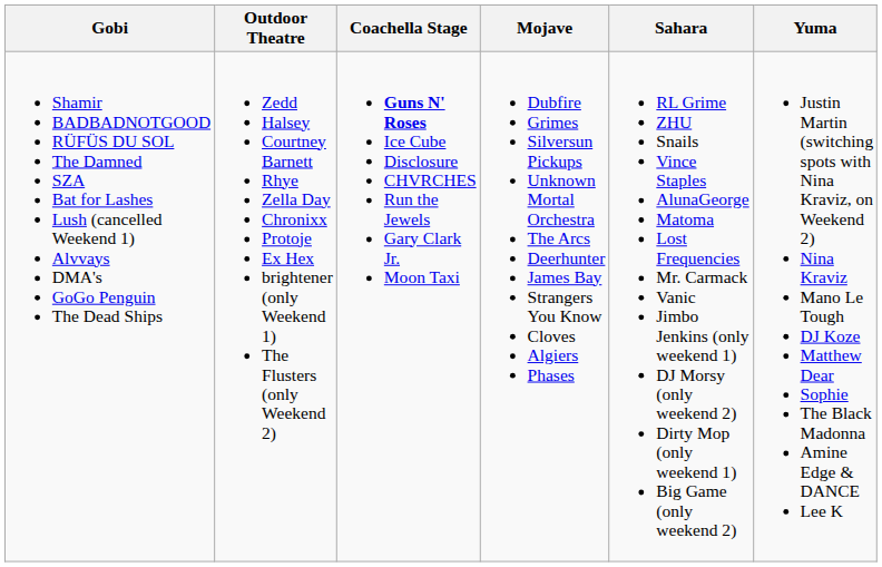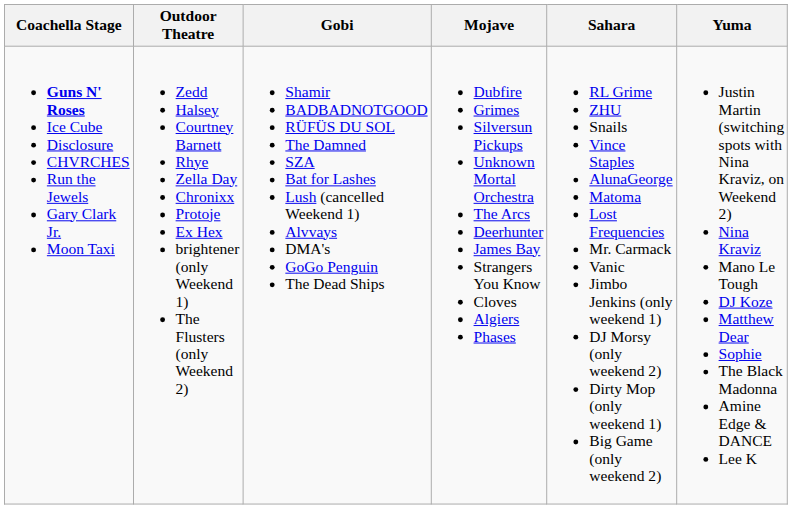 <table class="wikitable">
 <tr>
+<th>Coachella Stage</th>
+<th>Outdoor Theatre</th>
 <th>Gobi</th>
-<th>Outdoor Theatre</th>
-<th>Coachella Stage</th>
 <th>Mojave</th>
 <th>Sahara</th>
 <th>Yuma</th>
 </tr>
 <tr valign="top">
+<td><br><ul><li><strong><a href='#'>Guns N' Roses</a></strong></li><li><a href='#'>Ice Cube</a></li><li><a href='#'>Disclosure</a></li><li><a href='#'>CHVRCHES</a></li><li><a href='#'>Run the Jewels</a></li><li><a href='#'>Gary Clark Jr.</a></li><li><a href='#'>Moon Taxi</a></li></ul></td>
+<td><br><ul><li><a href='#'>Zedd</a></li><li><a href='#'>Halsey</a></li><li><a href='#'>Courtney Barnett</a></li><li><a href='#'>Rhye</a></li><li><a href='#'>Zella Day</a></li><li><a href='#'>Chronixx</a></li><li><a href='#'>Protoje</a></li><li><a href='#'>Ex Hex</a></li><li>brightener (only Weekend 1)</li><li>The Flusters (only Weekend 2)</li></ul></td>
 <td><br><ul><li><a href='#'>Shamir</a></li><li><a href='#'>BADBADNOTGOOD</a></li><li><a href='#'>RÜFÜS DU SOL</a></li><li><a href='#'>The Damned</a></li><li><a href='#'>SZA</a></li><li><a href='#'>Bat for Lashes</a></li><li><a href='#'>Lush</a> (cancelled Weekend 1)</li><li><a href='#'>Alvvays</a></li><li>DMA's</li><li><a href='#'>GoGo Penguin</a></li><li>The Dead Ships</li></ul></td>
-<td><br><ul><li><a href='#'>Zedd</a></li><li><a href='#'>Halsey</a></li><li><a href='#'>Courtney Barnett</a></li><li><a href='#'>Rhye</a></li><li><a href='#'>Zella Day</a></li><li><a href='#'>Chronixx</a></li><li><a href='#'>Protoje</a></li><li><a href='#'>Ex Hex</a></li><li>brightener (only Weekend 1)</li><li>The Flusters (only Weekend 2)</li></ul></td>
-<td><br><ul><li><strong><a href='#'>Guns N' Roses</a></strong></li><li><a href='#'>Ice Cube</a></li><li><a href='#'>Disclosure</a></li><li><a href='#'>CHVRCHES</a></li><li><a href='#'>Run the Jewels</a></li><li><a href='#'>Gary Clark Jr.</a></li><li><a href='#'>Moon Taxi</a></li></ul></td>
 <td><br><ul><li><a href='#'>Dubfire</a></li><li><a href='#'>Grimes</a></li><li><a href='#'>Silversun Pickups</a></li><li><a href='#'>Unknown Mortal Orchestra</a></li><li><a href='#'>The Arcs</a></li><li><a href='#'>Deerhunter</a></li><li><a href='#'>James Bay</a></li><li>Strangers You Know</li><li>Cloves</li><li><a href='#'>Algiers</a></li><li><a href='#'>Phases</a></li></ul></td>
 <td><br><ul><li><a href='#'>RL Grime</a></li><li><a href='#'>ZHU</a></li><li>Snails</li><li><a href='#'>Vince Staples</a></li><li><a href='#'>AlunaGeorge</a></li><li><a href='#'>Matoma</a></li><li><a href='#'>Lost Frequencies</a></li><li>Mr. Carmack</li><li>Vanic</li><li>Jimbo Jenkins (only weekend 1)</li><li>DJ Morsy (only weekend 2)</li><li>Dirty Mop (only weekend 1)</li><li>Big Game (only weekend 2)</li></ul></td>
 <td><br><ul><li>Justin Martin (switching spots with Nina Kraviz, on Weekend 2)</li><li><a href='#'>Nina Kraviz</a></li><li>Mano Le Tough</li><li><a href='#'>DJ Koze</a></li><li><a href='#'>Matthew Dear</a></li><li><a href='#'>Sophie</a></li><li>The Black Madonna</li><li>Amine Edge & DANCE</li><li>Lee K</li></ul></td>
 </tr>
 </table>
